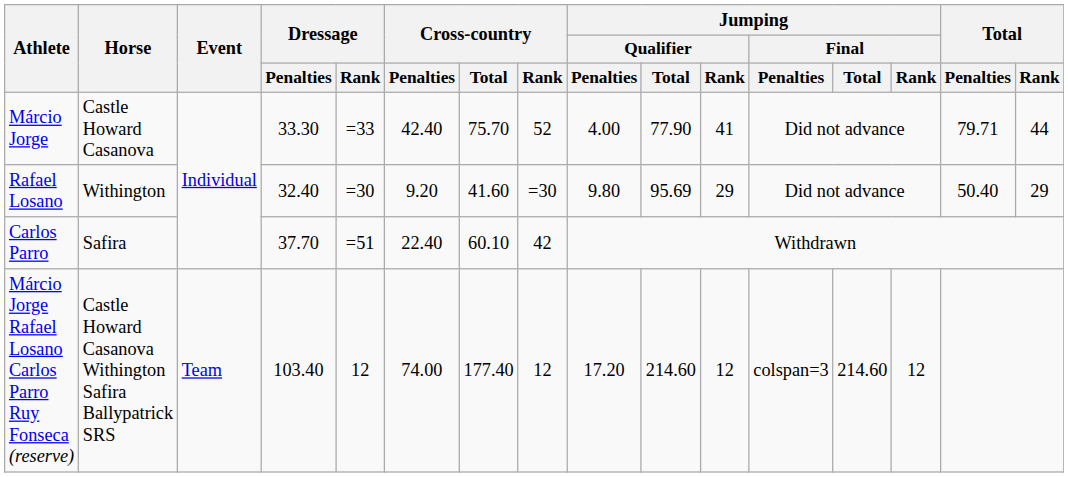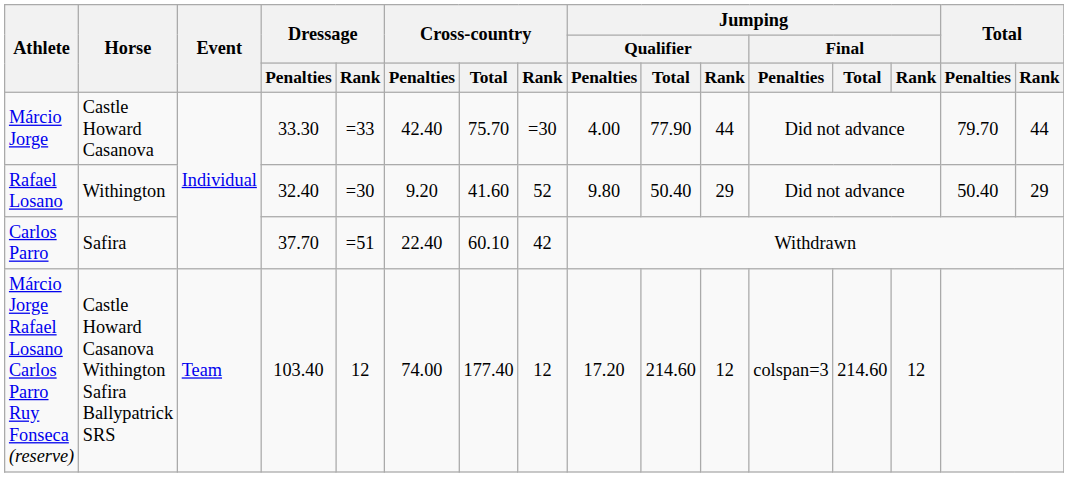 <table class=wikitable style="font-size:90%; text-align:center;">
 <tr>
 <th rowspan=3>Athlete</th>
 <th rowspan=3>Horse</th>
 <th rowspan=3>Event</th>
 <th colspan=2 rowspan=2>Dressage</th>
 <th colspan=3 rowspan=2>Cross-country</th>
 <th colspan=6>Jumping</th>
 <th colspan=2 rowspan=2>Total</th>
 </tr>
 <tr style=font-size:95%>
 <th colspan=3>Qualifier</th>
 <th colspan=3>Final</th>
 </tr>
 <tr style=font-size:95%>
 <th>Penalties</th>
 <th>Rank</th>
 <th>Penalties</th>
 <th>Total</th>
 <th>Rank</th>
 <th>Penalties</th>
 <th>Total</th>
 <th>Rank</th>
 <th>Penalties</th>
 <th>Total</th>
 <th>Rank</th>
 <th>Penalties</th>
 <th>Rank</th>
 </tr>
 <tr>
 <td align=left><a href='#'>Márcio Jorge</a></td>
 <td align=left>Castle Howard Casanova</td>
 <td rowspan=3 align=left><a href='#'>Individual</a></td>
 <td>33.30</td>
 <td>=33</td>
 <td>42.40</td>
 <td>75.70</td>
-<td>52</td>
+<td>=30</td>
 <td>4.00</td>
 <td>77.90</td>
-<td>41</td>
+<td>44</td>
 <td colspan=3>Did not advance</td>
-<td>79.71</td>
+<td>79.70</td>
 <td>44</td>
 </tr>
 <tr>
 <td align=left><a href='#'>Rafael Losano</a></td>
 <td align=left>Withington</td>
 <td>32.40</td>
 <td>=30</td>
 <td>9.20</td>
 <td>41.60</td>
-<td>=30</td>
+<td>52</td>
 <td>9.80</td>
-<td>95.69</td>
+<td>50.40</td>
 <td>29</td>
 <td colspan=3>Did not advance</td>
 <td>50.40</td>
 <td>29</td>
 </tr>
 <tr>
 <td align=left><a href='#'>Carlos Parro</a></td>
 <td align=left>Safira</td>
 <td>37.70</td>
 <td>=51</td>
 <td>22.40</td>
 <td>60.10</td>
 <td>42</td>
 <td colspan=8>Withdrawn</td>
 </tr>
 <tr>
 <td align=left><a href='#'>Márcio Jorge</a><br><a href='#'>Rafael Losano</a><br><a href='#'>Carlos Parro</a><br><a href='#'>Ruy Fonseca</a> <em>(reserve)</em></td>
 <td align=left>Castle Howard Casanova<br>Withington<br>Safira<br>Ballypatrick SRS</td>
 <td align=left><a href='#'>Team</a></td>
 <td>103.40</td>
 <td>12</td>
 <td>74.00</td>
 <td>177.40</td>
 <td>12</td>
 <td>17.20</td>
 <td>214.60</td>
 <td>12</td>
 <td>colspan=3 </td>
 <td>214.60</td>
 <td>12</td>
 </tr>
 </table>
